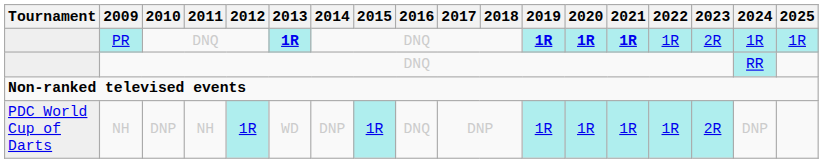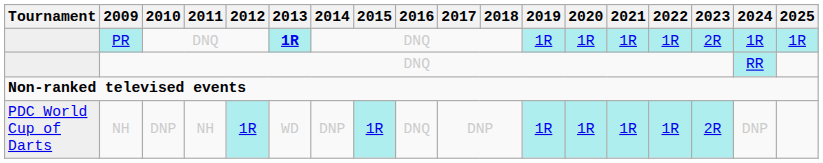 <table class="wikitable" style="width:50%; margin:0">
 <tr>
 <th>Tournament</th>
 <th>2009</th>
 <th>2010</th>
 <th>2011</th>
 <th>2012</th>
 <th>2013</th>
 <th>2014</th>
 <th>2015</th>
 <th>2016</th>
 <th>2017</th>
 <th>2018</th>
 <th>2019</th>
 <th>2020</th>
 <th>2021</th>
 <th>2022</th>
 <th>2023</th>
 <th>2024</th>
 <th>2025</th>
 </tr>
 <tr>
 <td style="background:#efefef;"></td>
 <td style="text-align:center; background:#afeeee;"><a href='#'>PR</a></td>
 <td colspan="3" style="text-align:center; color:#ccc;">DNQ</td>
 <td style="text-align:center; background:#afeeee;"><strong><a href='#'>1R</a></strong></td>
 <td colspan="5" style="text-align:center; color:#ccc;">DNQ</td>
-<td style="text-align:center; background:#afeeee;"><strong><a href='#'>1R</a></strong></td>
-<td style="text-align:center; background:#afeeee;"><strong><a href='#'>1R</a></strong></td>
-<td style="text-align:center; background:#afeeee;"><strong><a href='#'>1R</a></strong></td>
+<td style="text-align:center; background:#afeeee;"><a href='#'>1R</a></td>
+<td style="text-align:center; background:#afeeee;"><a href='#'>1R</a></td>
+<td style="text-align:center; background:#afeeee;"><a href='#'>1R</a></td>
 <td style="text-align:center; background:#afeeee;"><a href='#'>1R</a></td>
 <td style="text-align:center; background:#afeeee;"><a href='#'>2R</a></td>
 <td style="text-align:center; background:#afeeee;"><a href='#'>1R</a></td>
 <td style="text-align:center; background:#afeeee;"><a href='#'>1R</a></td>
 </tr>
 <tr>
 <td style="background:#efefef;"></td>
 <td colspan="15" style="text-align:center; color:#ccc;">DNQ</td>
 <td style="text-align:center; background:#afeeee;"><a href='#'>RR</a></td>
 <td></td>
 </tr>
 <tr>
 <td colspan="21" align="left"><strong>Non-ranked televised events</strong></td>
 </tr>
 <tr>
 <td style="background:#efefef;"><a href='#'>PDC World Cup of Darts</a></td>
 <td colspan="1" style="text-align:center; color:#ccc;">NH</td>
 <td colspan="1" style="text-align:center; color:#ccc;">DNP</td>
 <td colspan="1" style="text-align:center; color:#ccc;">NH</td>
 <td style="text-align:center; background:#afeeee;"><a href='#'>1R</a></td>
 <td colspan="1" style="text-align:center; color:#ccc;">WD</td>
 <td colspan="1" style="text-align:center; color:#ccc;">DNP</td>
 <td style="text-align:center; background:#afeeee;"><a href='#'>1R</a></td>
 <td colspan="1" style="text-align:center; color:#ccc;">DNQ</td>
 <td colspan="2" style="text-align:center; color:#ccc;">DNP</td>
 <td style="text-align:center; background:#afeeee;"><a href='#'>1R</a></td>
 <td style="text-align:center; background:#afeeee;"><a href='#'>1R</a></td>
 <td style="text-align:center; background:#afeeee;"><a href='#'>1R</a></td>
 <td style="text-align:center; background:#afeeee;"><a href='#'>1R</a></td>
 <td style="text-align:center; background:#afeeee;"><a href='#'>2R</a></td>
 <td colspan="1" style="text-align:center; color:#ccc;">DNP</td>
 <td></td>
 </tr>
 </table>
